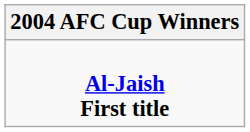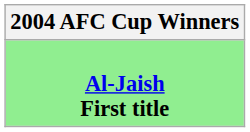 <table class=wikitable style="text-align:center; margin:auto">
 <tr>
 <th>2004 AFC Cup Winners</th>
 </tr>
 <tr>
-<td> <br> <strong><a href='#'>Al-Jaish</a></strong> <br> <strong>First title</strong></td>
+<td style="background: lightgreen;"> <br> <strong><a href='#'>Al-Jaish</a></strong> <br> <strong>First title</strong></td>
 </tr>
 </table>
